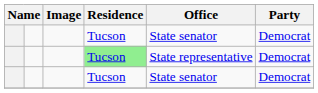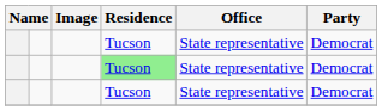 <table class="sortable wikitable">
 <tr valign=bottom>
 <th colspan="2">Name</th>
 <th>Image</th>
 <th>Residence</th>
 <th>Office</th>
 <th>Party</th>
 </tr>
 <tr>
 <th style="background-color:  "></th>
 <td></td>
 <td></td>
 <td><a href='#'>Tucson</a></td>
-<td><a href='#'>State senator</a></td>
+<td><a href='#'>State representative</a></td>
 <td><a href='#'>Democrat</a></td>
 </tr>
 <tr>
 <th style="background-color:  "></th>
 <td></td>
 <td></td>
 <td style="background: lightgreen;"><a href='#'>Tucson</a></td>
 <td><a href='#'>State representative</a></td>
 <td><a href='#'>Democrat</a></td>
 </tr>
 <tr>
 <th style="background-color:  "></th>
 <td></td>
 <td></td>
 <td><a href='#'>Tucson</a></td>
-<td><a href='#'>State senator</a></td>
+<td><a href='#'>State representative</a></td>
 <td><a href='#'>Democrat</a></td>
 </tr>
 <tr>
 </tr>
 </table>
